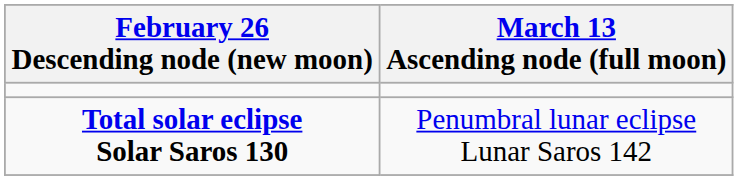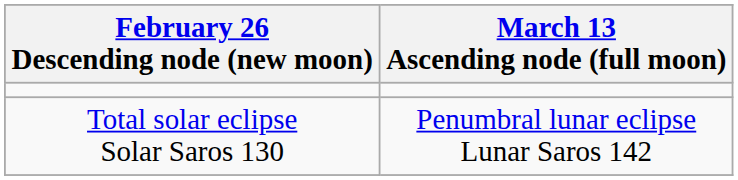 <table class="wikitable">
 <tr>
 <th><a href='#'>February 26</a><br>Descending node (new moon)<br></th>
 <th><a href='#'>March 13</a><br>Ascending node (full moon)<br></th>
 </tr>
 <tr>
 <td></td>
 <td></td>
 </tr>
 <tr align=center>
-<td><strong><a href='#'>Total solar eclipse</a><br>Solar Saros 130</strong></td>
+<td><a href='#'>Total solar eclipse</a><br>Solar Saros 130</td>
 <td><a href='#'>Penumbral lunar eclipse</a><br>Lunar Saros 142</td>
 </tr>
 </table>
